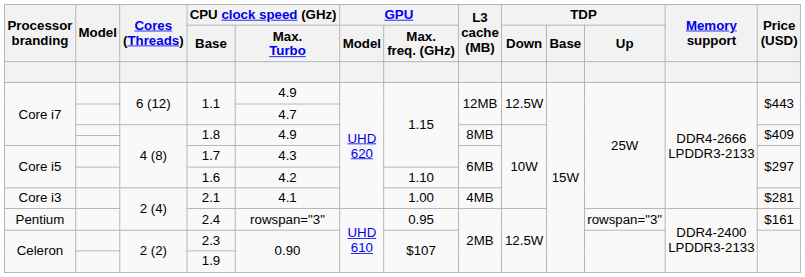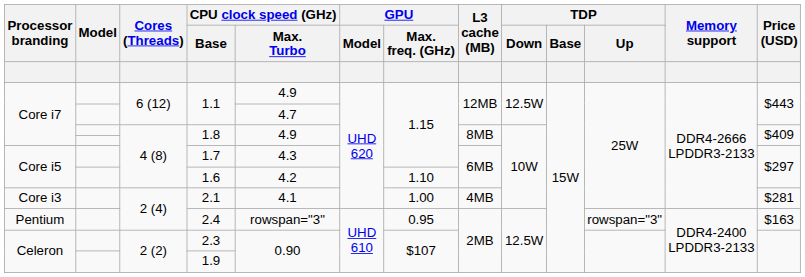 <table class="wikitable sortable hover-highlight" style="text-align: center;">
 <tr>
 <th rowspan="3">Processor<br>branding</th>
 <th rowspan="3">Model</th>
 <th rowspan="3"><a href='#'>Cores</a><br>(<a href='#'>Threads</a>)</th>
 <th colspan="2">CPU <a href='#'>clock speed</a> (GHz)</th>
 <th colspan="2"><a href='#'>GPU</a></th>
 <th rowspan="3">L3<br>cache<br>(MB)</th>
 <th colspan="3" rowspan="2">TDP</th>
 <th rowspan="3"><a href='#'>Memory</a><br>support</th>
 <th rowspan="3">Price<br>(USD)</th>
 </tr>
 <tr>
 <th rowspan="2">Base</th>
 <th rowspan="2">Max.<br><a href='#'>Turbo</a></th>
 <th rowspan="2">Model</th>
 <th rowspan="2">Max.<br>freq. (GHz)</th>
 </tr>
 <tr>
 <th>Down</th>
 <th>Base</th>
 <th>Up</th>
 </tr>
 <tr>
 <th style="background-position:center"><br></th>
 <th style="background-position:center"></th>
 <th style="background-position:center"></th>
 <th style="background-position:center"></th>
 <th style="background-position:center"></th>
 <th style="background-position:center"></th>
 <th style="background-position:center"></th>
 <th style="background-position:center"></th>
 <th style="background-position:center"></th>
 <th style="background-position:center"></th>
 <th style="background-position:center"></th>
 <th style="background-position:center"></th>
 <th style="background-position:center"></th>
 </tr>
 <tr>
 <td rowspan="4">Core i7</td>
 <td></td>
 <td rowspan="2">6 (12)</td>
 <td rowspan="2">1.1</td>
 <td>4.9</td>
 <td rowspan="7"><a href='#'>UHD</a><br><a href='#'>620</a></td>
 <td rowspan="5">1.15</td>
 <td rowspan="2">12MB</td>
 <td rowspan="2">12.5W</td>
 <td rowspan="10">15W</td>
 <td rowspan="7">25W</td>
 <td rowspan="7">DDR4-2666<br>LPDDR3-2133</td>
 <td rowspan="2">$443</td>
 </tr>
 <tr>
 <td></td>
 <td>4.7</td>
 </tr>
 <tr>
 <td></td>
 <td rowspan="4">4 (8)</td>
 <td rowspan="2">1.8</td>
 <td rowspan="2">4.9</td>
 <td rowspan="2">8MB</td>
 <td rowspan="5">10W</td>
 <td rowspan="2">$409</td>
 </tr>
 <tr>
 <td></td>
 </tr>
 <tr>
 <td rowspan="2">Core i5</td>
 <td></td>
 <td>1.7</td>
 <td>4.3</td>
 <td rowspan="2">6MB</td>
 <td rowspan="2">$297</td>
 </tr>
 <tr>
 <td></td>
 <td>1.6</td>
 <td>4.2</td>
 <td>1.10</td>
 </tr>
 <tr>
 <td>Core i3</td>
 <td></td>
 <td rowspan="2">2 (4)</td>
 <td>2.1</td>
 <td>4.1</td>
 <td>1.00</td>
 <td>4MB</td>
 <td>$281</td>
 </tr>
 <tr>
 <td>Pentium</td>
 <td></td>
 <td>2.4</td>
 <td>rowspan="3" </td>
 <td rowspan="3"><a href='#'>UHD</a><br><a href='#'>610</a></td>
 <td>0.95</td>
 <td rowspan="3">2MB</td>
 <td rowspan="3">12.5W</td>
 <td>rowspan="3" </td>
 <td rowspan="3">DDR4-2400<br>LPDDR3-2133</td>
-<td>$161</td>
+<td>$163</td>
 </tr>
 <tr>
 <td rowspan="2">Celeron</td>
 <td></td>
 <td rowspan="2">2 (2)</td>
 <td>2.3</td>
 <td rowspan="2">0.90</td>
 <td rowspan="2">$107</td>
 </tr>
 <tr>
 <td></td>
 <td>1.9</td>
 </tr>
 </table>
